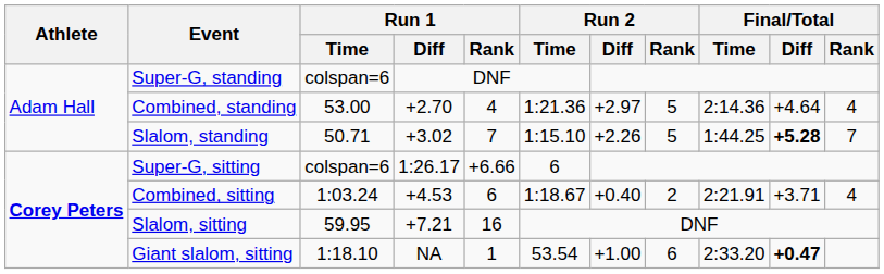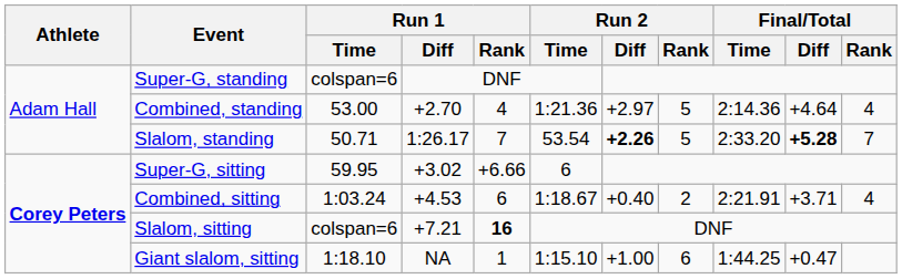 <table class="wikitable" style="font-size:90%">
 <tr>
 <th rowspan="2">Athlete</th>
 <th rowspan="2">Event</th>
 <th colspan="3">Run 1</th>
 <th colspan="3">Run 2</th>
 <th colspan="3">Final/Total</th>
 </tr>
 <tr>
 <th>Time</th>
 <th>Diff</th>
 <th>Rank</th>
 <th>Time</th>
 <th>Diff</th>
 <th>Rank</th>
 <th>Time</th>
 <th>Diff</th>
 <th>Rank</th>
 </tr>
 <tr>
 <td rowspan=3><a href='#'>Adam Hall</a></td>
 <td><a href='#'>Super-G, standing</a></td>
 <td>colspan=6 </td>
 <td align="center" colspan=3>DNF</td>
 </tr>
 <tr>
 <td><a href='#'>Combined, standing</a></td>
 <td align="center">53.00</td>
 <td align="center">+2.70</td>
 <td align="center">4</td>
 <td align="center">1:21.36</td>
 <td align="center">+2.97</td>
 <td align="center">5</td>
 <td align="center">2:14.36</td>
 <td align="center">+4.64</td>
 <td align="center">4</td>
 </tr>
 <tr>
 <td><a href='#'>Slalom, standing</a></td>
 <td align="center">50.71</td>
-<td align="center">+3.02</td>
+<td align="center">1:26.17</td>
 <td align="center">7</td>
-<td align="center">1:15.10</td>
-<td align="center">+2.26</td>
+<td align="center">53.54</td>
+<td align="center"><strong>+2.26</strong></td>
 <td align="center">5</td>
-<td align="center">1:44.25</td>
+<td align="center">2:33.20</td>
 <td align="center"><strong>+5.28</strong></td>
 <td align="center">7</td>
 </tr>
 <tr>
 <td rowspan=4><strong><a href='#'>Corey Peters</a></strong></td>
 <td><a href='#'>Super-G, sitting</a></td>
-<td>colspan=6 </td>
-<td align="center">1:26.17</td>
+<td align="center">59.95</td>
+<td align="center">+3.02</td>
 <td align="center">+6.66</td>
 <td align="center">6</td>
 </tr>
 <tr>
 <td><a href='#'>Combined, sitting</a></td>
 <td align="center">1:03.24</td>
 <td align="center">+4.53</td>
 <td align="center">6</td>
 <td align="center">1:18.67</td>
 <td align="center">+0.40</td>
 <td align="center">2</td>
 <td align="center">2:21.91</td>
 <td align="center">+3.71</td>
 <td align="center">4</td>
 </tr>
 <tr>
 <td><a href='#'>Slalom, sitting</a></td>
-<td align="center">59.95</td>
+<td>colspan=6 </td>
 <td align="center">+7.21</td>
-<td align="center">16</td>
+<td align="center"><strong>16</strong></td>
 <td align="center" colspan=6>DNF</td>
 </tr>
 <tr>
 <td><a href='#'>Giant slalom, sitting</a></td>
 <td align="center">1:18.10</td>
 <td align="center">NA</td>
 <td align="center">1</td>
-<td align="center">53.54</td>
+<td align="center">1:15.10</td>
 <td align="center">+1.00</td>
 <td align="center">6</td>
-<td align="center">2:33.20</td>
-<td align="center"><strong>+0.47</strong></td>
+<td align="center">1:44.25</td>
+<td align="center">+0.47</td>
 <td align="center"></td>
 </tr>
 </table>
